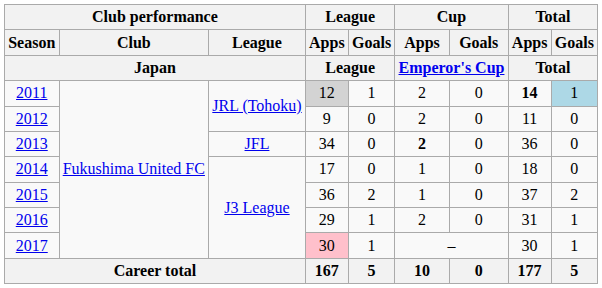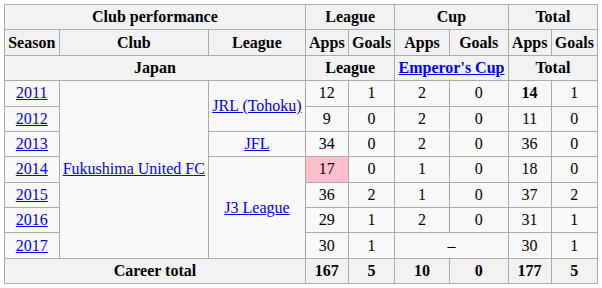 <table class="wikitable" style="text-align:center">
 <tr>
 <th colspan=3>Club performance</th>
 <th colspan=2>League</th>
 <th colspan=2>Cup</th>
 <th colspan=2>Total</th>
 </tr>
 <tr>
 <th>Season</th>
 <th>Club</th>
 <th>League</th>
 <th>Apps</th>
 <th>Goals</th>
 <th>Apps</th>
 <th>Goals</th>
 <th>Apps</th>
 <th>Goals</th>
 </tr>
 <tr>
 <th colspan=3>Japan</th>
 <th colspan=2>League</th>
 <th colspan=2><a href='#'>Emperor's Cup</a></th>
 <th colspan=2>Total</th>
 </tr>
 <tr>
 <td><a href='#'>2011</a></td>
 <td rowspan="7"><a href='#'>Fukushima United FC</a></td>
 <td rowspan="2"><a href='#'>JRL (Tohoku)</a></td>
-<td style="background: lightgrey;">12</td>
+<td>12</td>
 <td>1</td>
 <td>2</td>
 <td>0</td>
 <td><strong>14</strong></td>
-<td style="background: lightblue;">1</td>
+<td>1</td>
 </tr>
 <tr>
 <td><a href='#'>2012</a></td>
 <td>9</td>
 <td>0</td>
 <td>2</td>
 <td>0</td>
 <td>11</td>
 <td>0</td>
 </tr>
 <tr>
 <td><a href='#'>2013</a></td>
 <td><a href='#'>JFL</a></td>
 <td>34</td>
 <td>0</td>
-<td><strong>2</strong></td>
+<td>2</td>
 <td>0</td>
 <td>36</td>
 <td>0</td>
 </tr>
 <tr>
 <td><a href='#'>2014</a></td>
 <td rowspan="4"><a href='#'>J3 League</a></td>
-<td>17</td>
+<td style="background: pink;">17</td>
 <td>0</td>
 <td>1</td>
 <td>0</td>
 <td>18</td>
 <td>0</td>
 </tr>
 <tr>
 <td><a href='#'>2015</a></td>
 <td>36</td>
 <td>2</td>
 <td>1</td>
 <td>0</td>
 <td>37</td>
 <td>2</td>
 </tr>
 <tr>
 <td><a href='#'>2016</a></td>
 <td>29</td>
 <td>1</td>
 <td>2</td>
 <td>0</td>
 <td>31</td>
 <td>1</td>
 </tr>
 <tr>
 <td><a href='#'>2017</a></td>
-<td style="background: pink;">30</td>
+<td>30</td>
 <td>1</td>
 <td colspan="2">–</td>
 <td>30</td>
 <td>1</td>
 </tr>
 <tr>
 <th colspan=3>Career total</th>
 <th>167</th>
 <th>5</th>
 <th>10</th>
 <th>0</th>
 <th>177</th>
 <th>5</th>
 </tr>
 </table>
